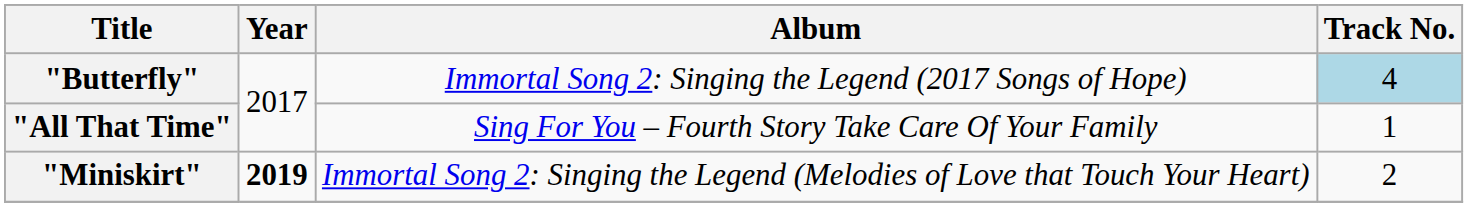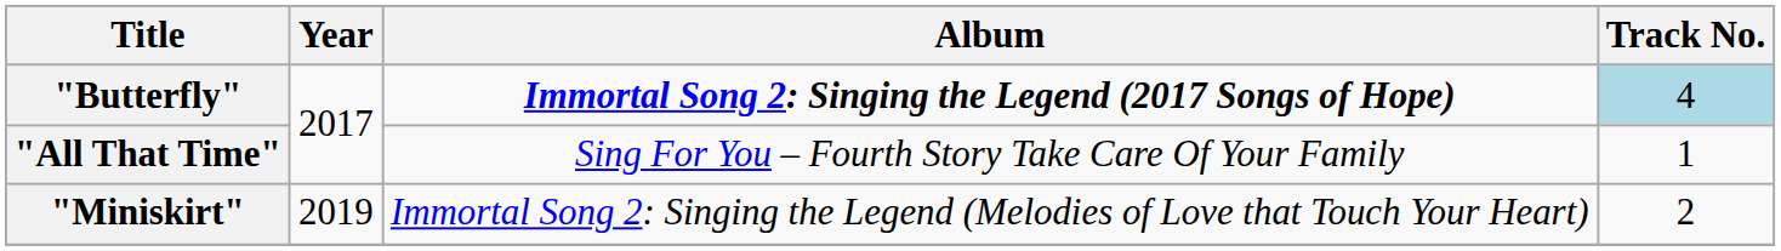 <table class="wikitable plainrowheaders" style="text-align:center;">
 <tr>
 <th>Title</th>
 <th>Year</th>
 <th>Album</th>
 <th>Track No.</th>
 </tr>
 <tr>
 <th scope="row">"Butterfly"</th>
 <td rowspan="2">2017</td>
-<td><em><a href='#'>Immortal Song 2</a>: Singing the Legend (2017 Songs of Hope)</em></td>
+<td><strong><em><a href='#'>Immortal Song 2</a>: Singing the Legend (2017 Songs of Hope)</em></strong></td>
 <td style="background: lightblue;">4</td>
 </tr>
 <tr>
 <th scope="row">"All That Time" </th>
 <td><em><a href='#'>Sing For You</a> – Fourth Story Take Care Of Your Family</em></td>
 <td>1</td>
 </tr>
 <tr>
 <th scope="row">"Miniskirt" </th>
-<td rowspan="1"><strong>2019</strong></td>
+<td rowspan="1">2019</td>
 <td><em><a href='#'>Immortal Song 2</a>: Singing the Legend (Melodies of Love that Touch Your Heart)</em></td>
 <td>2</td>
 </tr>
 <tr>
 </tr>
 </table>
